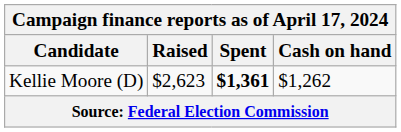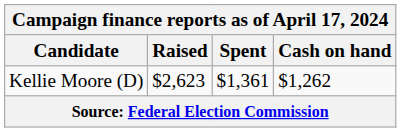 <table class="wikitable sortable">
 <tr>
 <th colspan=4>Campaign finance reports as of April 17, 2024</th>
 </tr>
 <tr style="text-align:center;">
 <th>Candidate</th>
 <th>Raised</th>
 <th>Spent</th>
 <th>Cash on hand</th>
 </tr>
 <tr>
 <td>Kellie Moore (D)</td>
 <td>$2,623</td>
-<td><strong>$1,361</strong></td>
+<td>$1,361</td>
 <td>$1,262</td>
 </tr>
 <tr>
 <th colspan="4"><small>Source: <a href='#'>Federal Election Commission</a></small></th>
 </tr>
 </table>
